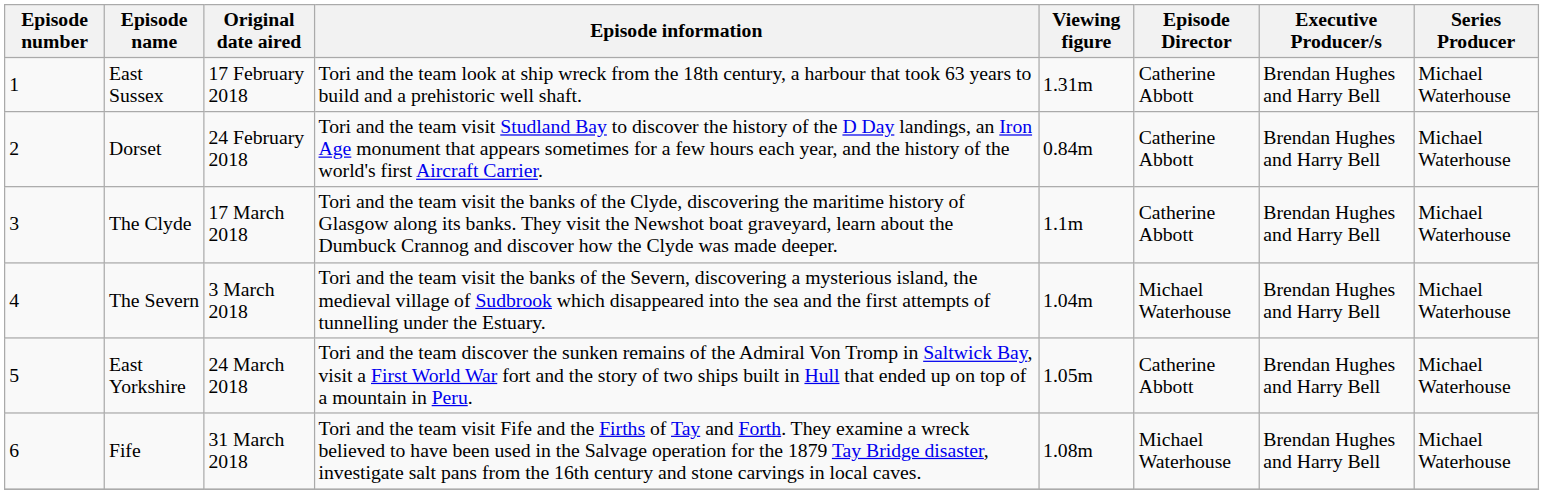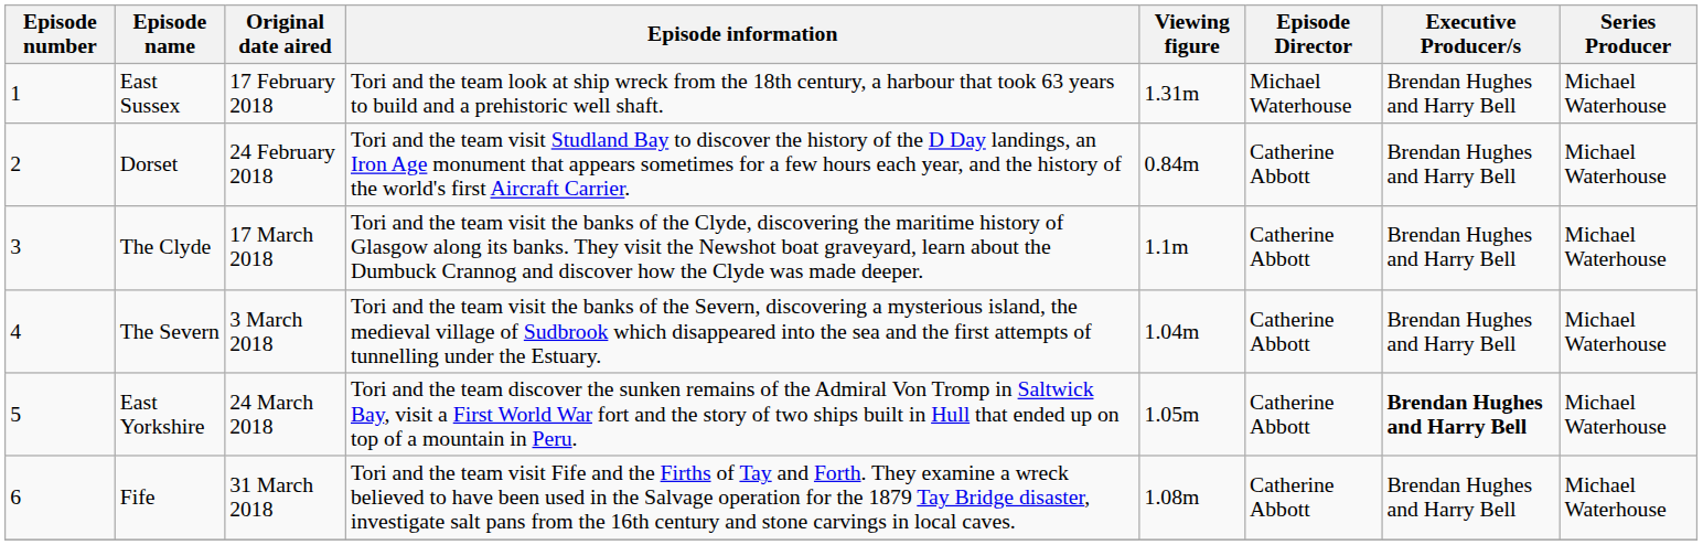 <table class="wikitable sortable">
 <tr>
 <th>Episode number</th>
 <th>Episode name</th>
 <th>Original date aired</th>
 <th>Episode information</th>
 <th>Viewing figure</th>
 <th>Episode Director</th>
 <th>Executive Producer/s</th>
 <th>Series Producer</th>
 </tr>
 <tr>
 <td>1</td>
 <td>East Sussex</td>
 <td>17 February 2018</td>
 <td>Tori and the team look at ship wreck from the 18th century, a harbour that took 63 years to build and a prehistoric well shaft.</td>
 <td>1.31m</td>
-<td>Catherine Abbott</td>
+<td>Michael Waterhouse</td>
 <td>Brendan Hughes and Harry Bell</td>
 <td>Michael Waterhouse</td>
 </tr>
 <tr>
 <td>2</td>
 <td>Dorset</td>
 <td>24 February 2018</td>
 <td>Tori and the team visit <a href='#'>Studland Bay</a> to discover the history of the <a href='#'>D Day</a> landings, an <a href='#'>Iron Age</a> monument that appears sometimes for a few hours each year, and the history of the world's first <a href='#'>Aircraft Carrier</a>.</td>
 <td>0.84m</td>
 <td>Catherine Abbott</td>
 <td>Brendan Hughes and Harry Bell</td>
 <td>Michael Waterhouse</td>
 </tr>
 <tr>
 <td>3</td>
 <td>The Clyde</td>
 <td>17 March 2018</td>
 <td>Tori and the team visit the banks of the Clyde, discovering the maritime history of Glasgow along its banks. They visit the Newshot boat graveyard, learn about the Dumbuck Crannog and discover how the Clyde was made deeper.</td>
 <td>1.1m</td>
 <td>Catherine Abbott</td>
 <td>Brendan Hughes and Harry Bell</td>
 <td>Michael Waterhouse</td>
 </tr>
 <tr>
 <td>4</td>
 <td>The Severn</td>
 <td>3 March 2018</td>
 <td>Tori and the team visit the banks of the Severn, discovering a mysterious island, the medieval village of <a href='#'>Sudbrook</a> which disappeared into the sea and the first attempts of tunnelling under the Estuary.</td>
 <td>1.04m</td>
-<td>Michael Waterhouse</td>
+<td>Catherine Abbott</td>
 <td>Brendan Hughes and Harry Bell</td>
 <td>Michael Waterhouse</td>
 </tr>
 <tr>
 <td>5</td>
 <td>East Yorkshire</td>
 <td>24 March 2018</td>
 <td>Tori and the team discover the sunken remains of the Admiral Von Tromp in <a href='#'>Saltwick Bay</a>, visit a <a href='#'>First World War</a> fort and the story of two ships built in <a href='#'>Hull</a> that ended up on top of a mountain in <a href='#'>Peru</a>.</td>
 <td>1.05m</td>
 <td>Catherine Abbott</td>
-<td>Brendan Hughes and Harry Bell</td>
+<td><strong>Brendan Hughes and Harry Bell</strong></td>
 <td>Michael Waterhouse</td>
 </tr>
 <tr>
 <td>6</td>
 <td>Fife</td>
 <td>31 March 2018</td>
 <td>Tori and the team visit Fife and the <a href='#'>Firths</a> of <a href='#'>Tay</a> and <a href='#'>Forth</a>. They examine a wreck believed to have been used in the Salvage operation for the 1879 <a href='#'>Tay Bridge disaster</a>, investigate salt pans from the 16th century and stone carvings in local caves.</td>
 <td>1.08m</td>
-<td>Michael Waterhouse</td>
+<td>Catherine Abbott</td>
 <td>Brendan Hughes and Harry Bell</td>
 <td>Michael Waterhouse</td>
 </tr>
 <tr>
 </tr>
 </table>
